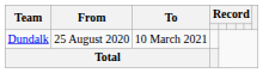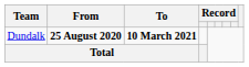 <table class=wikitable style=text-align:center>
 <tr>
 <th rowspan=2>Team</th>
 <th rowspan=2>From</th>
 <th rowspan=2>To</th>
 <th colspan=5>Record</th>
 <th rowspan=2></th>
 </tr>
 <tr>
 <th></th>
 <th></th>
 <th></th>
 <th></th>
 <th></th>
 </tr>
 <tr>
 <td align=left><a href='#'>Dundalk</a></td>
-<td align=left>25 August 2020</td>
-<td align=left>10 March 2021<br></td>
+<td align=left><strong>25 August 2020</strong></td>
+<td align=left><strong>10 March 2021<br></strong></td>
 <td></td>
 </tr>
 <tr>
 <th colspan=3>Total<br></th>
 <th></th>
 </tr>
 </table>
